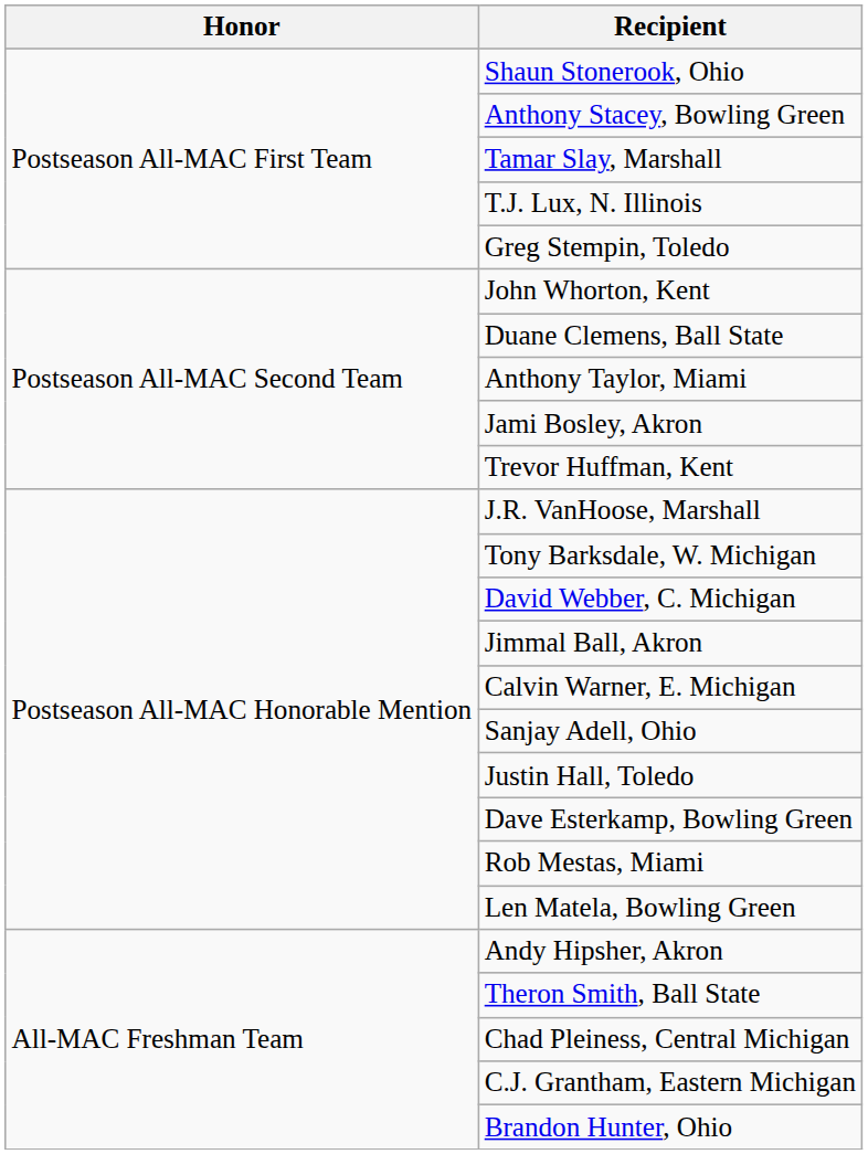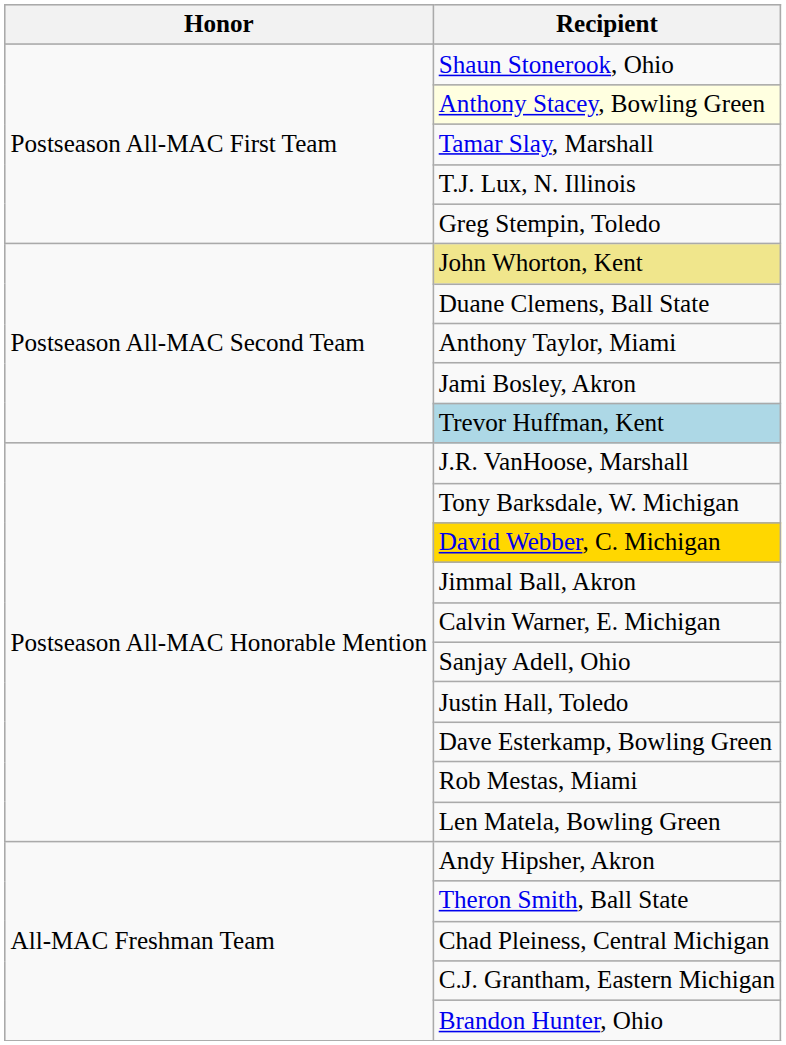 <table class="wikitable" border="1">
 <tr>
 <th>Honor</th>
 <th>Recipient</th>
 </tr>
 <tr>
 <td rowspan=5 valign=middle>Postseason All-MAC First Team</td>
 <td><a href='#'>Shaun Stonerook</a>, Ohio</td>
 </tr>
 <tr>
-<td><a href='#'>Anthony Stacey</a>, Bowling Green</td>
+<td style="background: lightyellow;"><a href='#'>Anthony Stacey</a>, Bowling Green</td>
 </tr>
 <tr>
 <td><a href='#'>Tamar Slay</a>, Marshall</td>
 </tr>
 <tr>
 <td>T.J. Lux, N. Illinois</td>
 </tr>
 <tr>
 <td>Greg Stempin, Toledo</td>
 </tr>
 <tr>
 <td rowspan=5 valign=middle>Postseason All-MAC Second Team</td>
-<td>John Whorton, Kent</td>
+<td style="background: khaki;">John Whorton, Kent</td>
 </tr>
 <tr>
 <td>Duane Clemens, Ball State</td>
 </tr>
 <tr>
 <td>Anthony Taylor, Miami</td>
 </tr>
 <tr>
 <td>Jami Bosley, Akron</td>
 </tr>
 <tr>
-<td>Trevor Huffman, Kent</td>
+<td style="background: lightblue;">Trevor Huffman, Kent</td>
 </tr>
 <tr>
 <td rowspan=10 valign=middle>Postseason All-MAC Honorable Mention</td>
 <td>J.R. VanHoose, Marshall</td>
 </tr>
 <tr>
 <td>Tony Barksdale, W. Michigan</td>
 </tr>
 <tr>
-<td><a href='#'>David Webber</a>, C. Michigan</td>
+<td style="background: gold;"><a href='#'>David Webber</a>, C. Michigan</td>
 </tr>
 <tr>
 <td>Jimmal Ball, Akron</td>
 </tr>
 <tr>
 <td>Calvin Warner, E. Michigan</td>
 </tr>
 <tr>
 <td>Sanjay Adell, Ohio</td>
 </tr>
 <tr>
 <td>Justin Hall, Toledo</td>
 </tr>
 <tr>
 <td>Dave Esterkamp, Bowling Green</td>
 </tr>
 <tr>
 <td>Rob Mestas, Miami</td>
 </tr>
 <tr>
 <td>Len Matela, Bowling Green</td>
 </tr>
 <tr>
 <td rowspan=5 valign=middle>All-MAC Freshman Team</td>
 <td>Andy Hipsher, Akron</td>
 </tr>
 <tr>
 <td><a href='#'>Theron Smith</a>, Ball State</td>
 </tr>
 <tr>
 <td>Chad Pleiness, Central Michigan</td>
 </tr>
 <tr>
 <td>C.J. Grantham, Eastern Michigan</td>
 </tr>
 <tr>
 <td><a href='#'>Brandon Hunter</a>, Ohio</td>
 </tr>
 <tr>
 </tr>
 </table>
